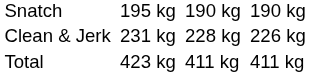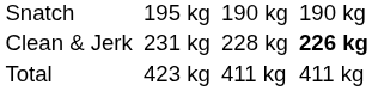 <table>
 <tr>
 <td>Snatch</td>
 <td></td>
 <td>195 kg</td>
 <td></td>
 <td>190 kg</td>
 <td></td>
 <td>190 kg</td>
 </tr>
 <tr>
 <td>Clean & Jerk</td>
 <td></td>
 <td>231 kg</td>
 <td></td>
 <td>228 kg</td>
 <td></td>
-<td>226 kg</td>
+<td><strong>226 kg</strong></td>
 </tr>
 <tr>
 <td>Total</td>
 <td></td>
 <td>423 kg</td>
 <td></td>
 <td>411 kg</td>
 <td></td>
 <td>411 kg</td>
 </tr>
 </table>
